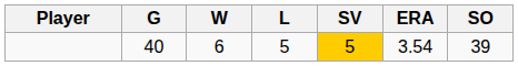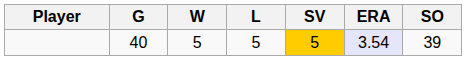 <table class="wikitable sortable">
 <tr>
 <th bgcolor="#DDDDFF" width="16%">Player</th>
 <th bgcolor="#DDDDFF" width="9%">G</th>
 <th bgcolor="#DDDDFF" width="9%">W</th>
 <th bgcolor="#DDDDFF" width="9%">L</th>
 <th bgcolor="#DDDDFF" width="9%">SV</th>
 <th bgcolor="#DDDDFF" width="9%">ERA</th>
 <th bgcolor="#DDDDFF" width="9%">SO</th>
 </tr>
 <tr align="center">
 <td></td>
 <td>40</td>
-<td>6</td>
+<td>5</td>
 <td>5</td>
 <td bgcolor=#ffcc00>5</td>
-<td>3.54</td>
+<td style="background: lavender;">3.54</td>
 <td>39</td>
 </tr>
 </table>
